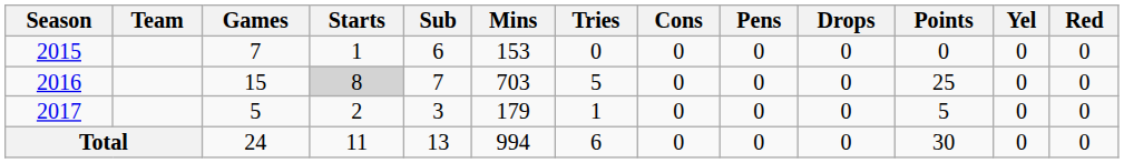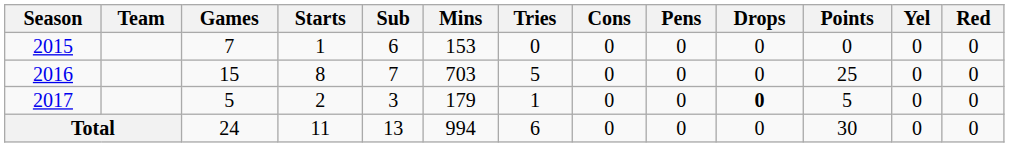 <table class="wikitable" style="text-align:center; line-height:90%; font-size:95%; width:60%;">
 <tr>
 <th>Season</th>
 <th>Team</th>
 <th>Games</th>
 <th>Starts</th>
 <th>Sub</th>
 <th>Mins</th>
 <th>Tries</th>
 <th>Cons</th>
 <th>Pens</th>
 <th>Drops</th>
 <th>Points</th>
 <th>Yel</th>
 <th>Red</th>
 </tr>
 <tr>
 <td><a href='#'>2015</a></td>
 <td></td>
 <td>7</td>
 <td>1</td>
 <td>6</td>
 <td>153</td>
 <td>0</td>
 <td>0</td>
 <td>0</td>
 <td>0</td>
 <td>0</td>
 <td>0</td>
 <td>0</td>
 </tr>
 <tr>
 <td><a href='#'>2016</a></td>
 <td></td>
 <td>15</td>
-<td style="background: lightgrey;">8</td>
+<td>8</td>
 <td>7</td>
 <td>703</td>
 <td>5</td>
 <td>0</td>
 <td>0</td>
 <td>0</td>
 <td>25</td>
 <td>0</td>
 <td>0</td>
 </tr>
 <tr>
 <td><a href='#'>2017</a></td>
 <td></td>
 <td>5</td>
 <td>2</td>
 <td>3</td>
 <td>179</td>
 <td>1</td>
 <td>0</td>
 <td>0</td>
-<td>0</td>
+<td><strong>0</strong></td>
 <td>5</td>
 <td>0</td>
 <td>0</td>
 </tr>
 <tr>
 <th colspan="2">Total</th>
 <td>24</td>
 <td>11</td>
 <td>13</td>
 <td>994</td>
 <td>6</td>
 <td>0</td>
 <td>0</td>
 <td>0</td>
 <td>30</td>
 <td>0</td>
 <td>0</td>
 </tr>
 </table>
